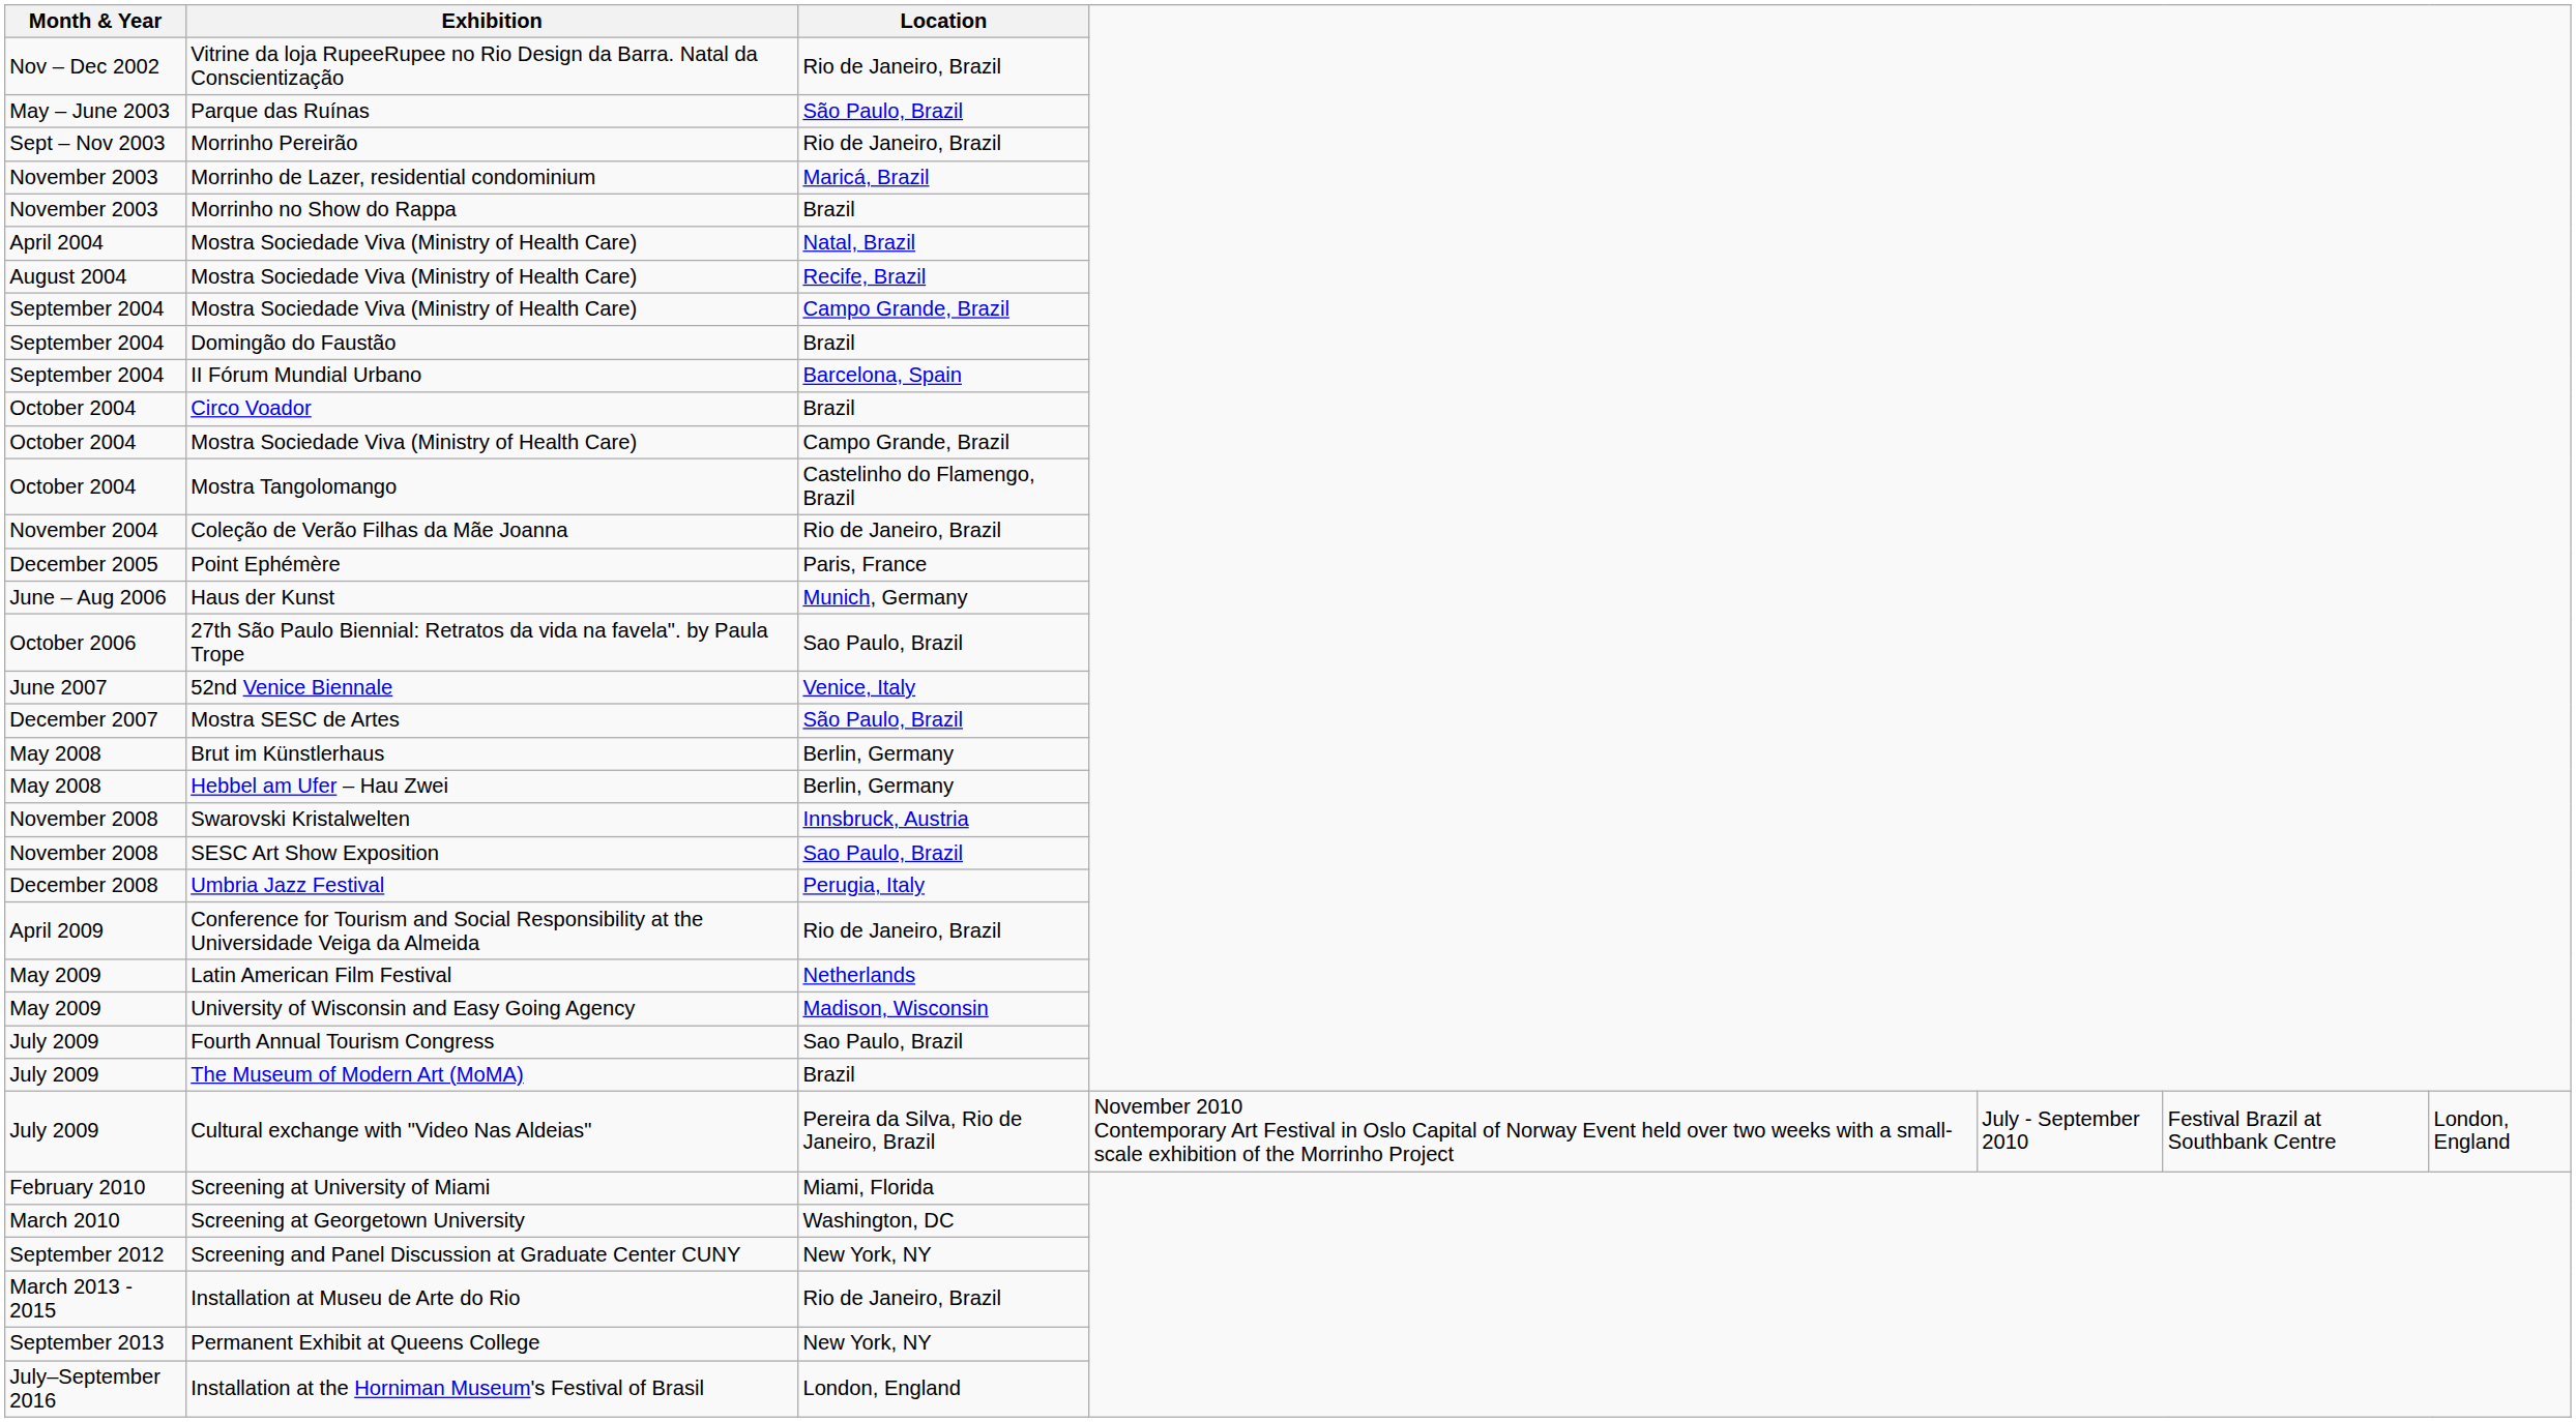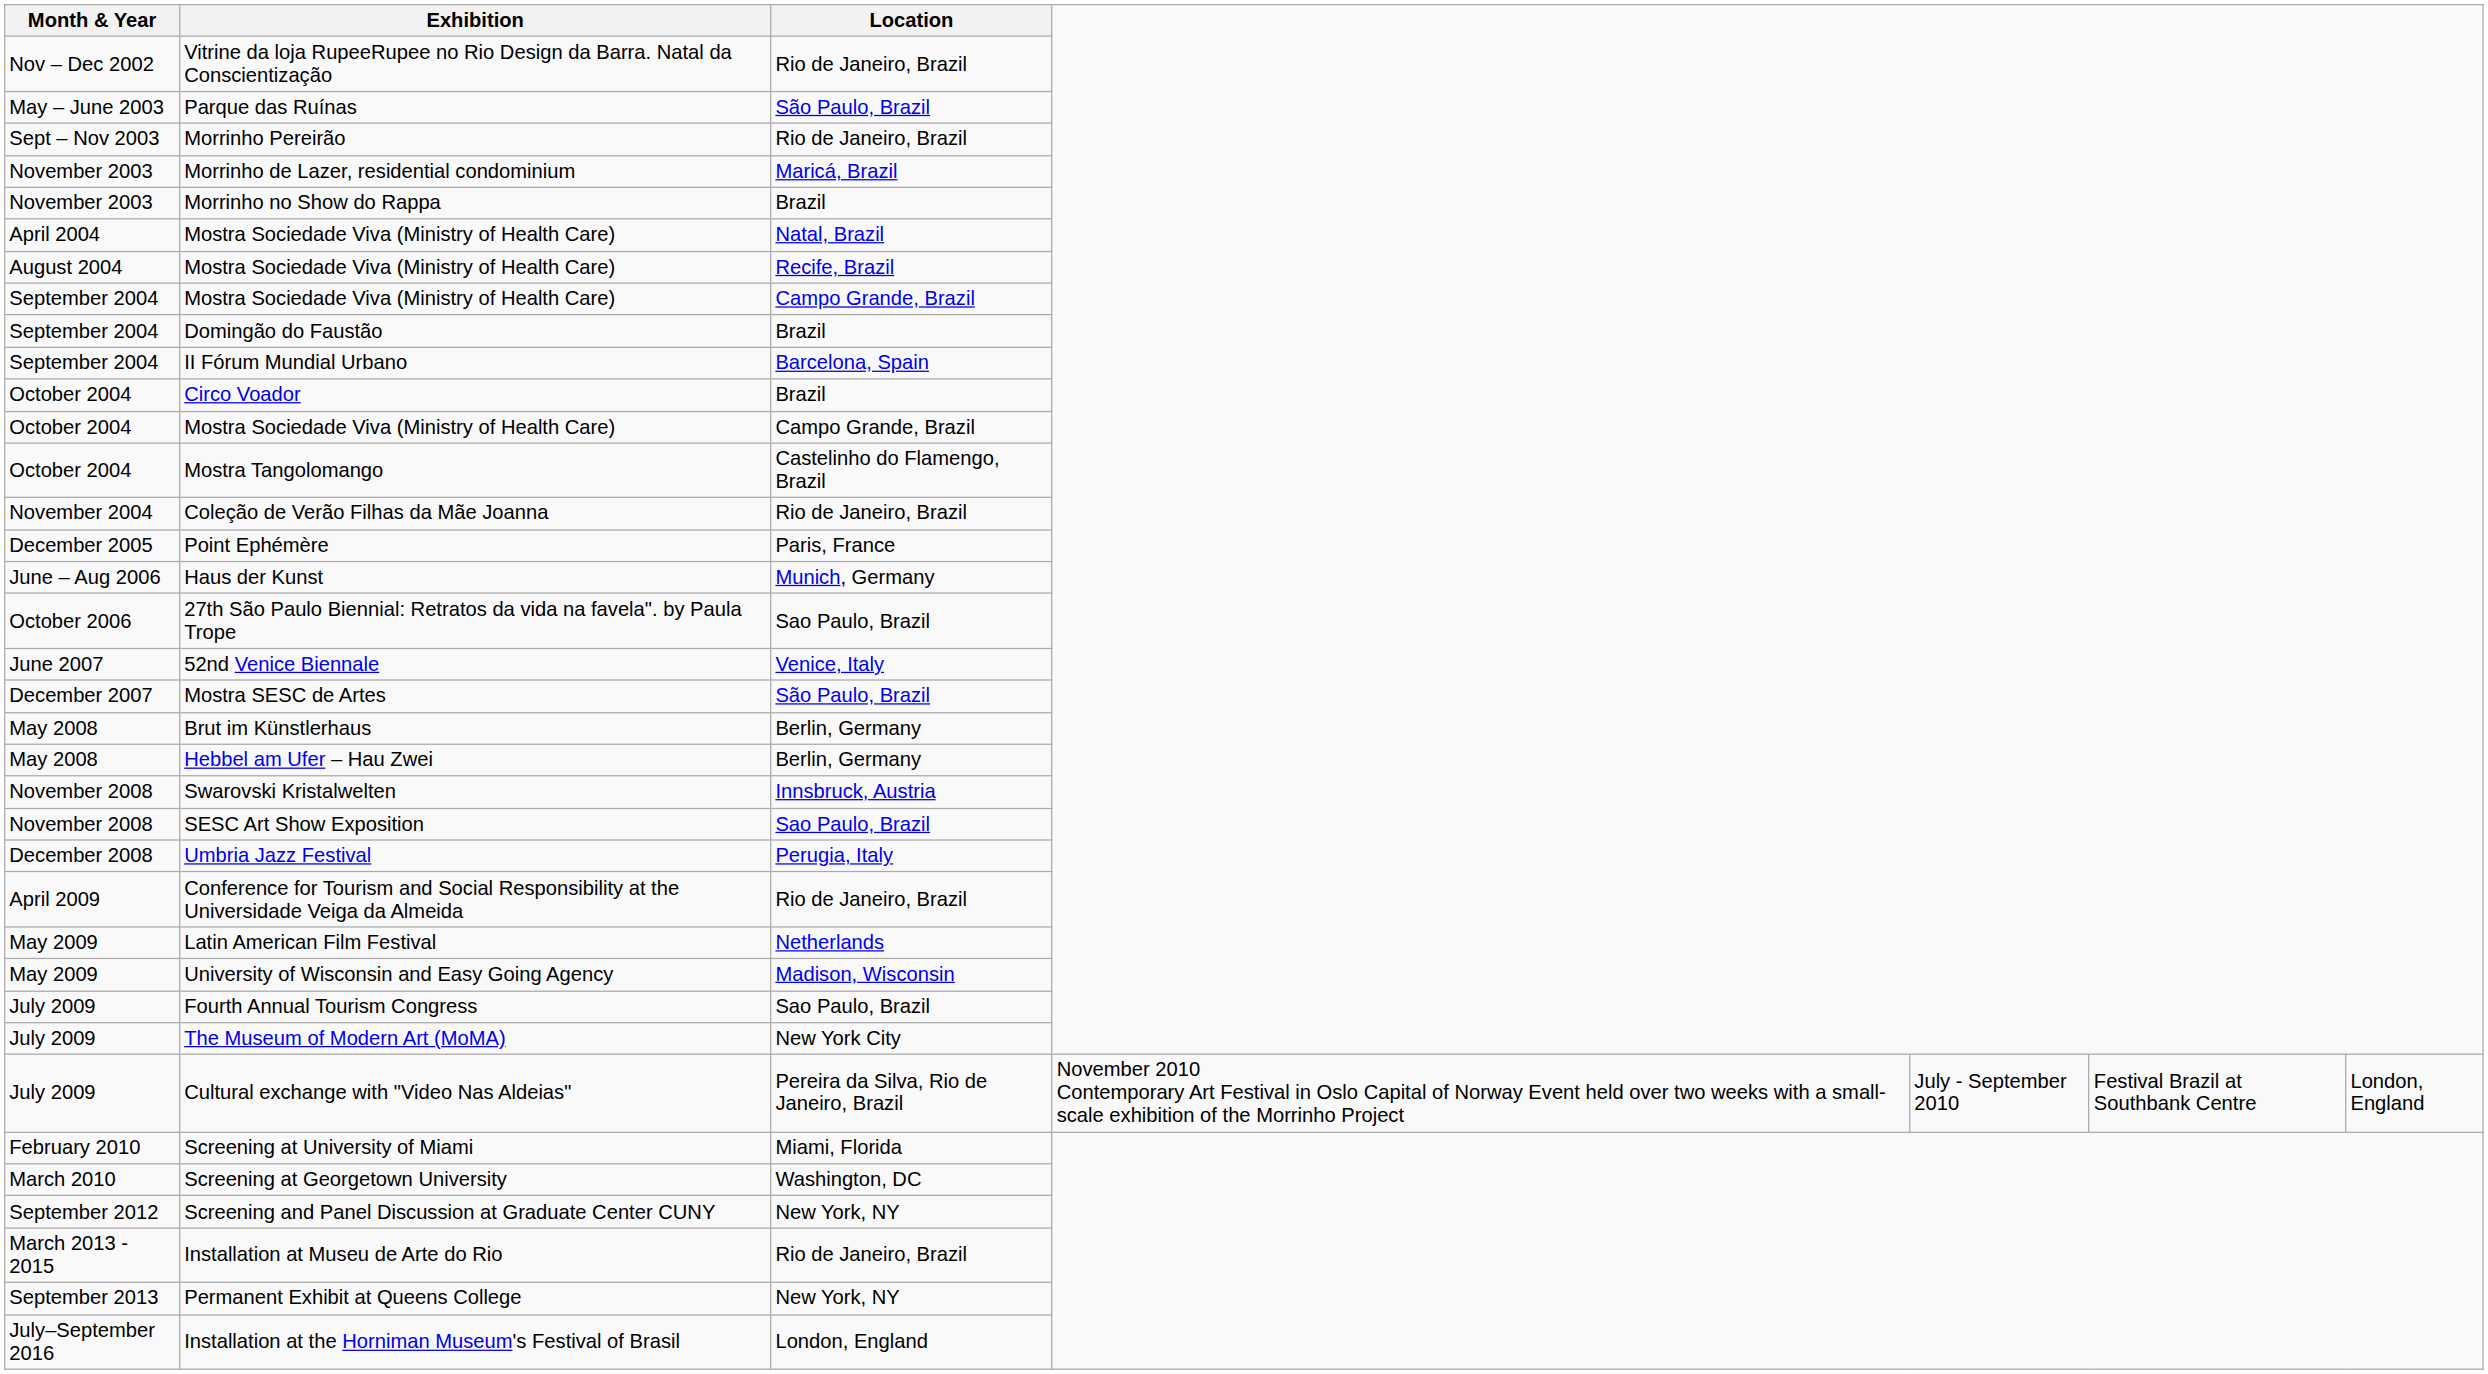 <table class="wikitable">
 <tr>
 <th>Month & Year</th>
 <th>Exhibition</th>
 <th>Location</th>
 </tr>
 <tr>
 <td>Nov – Dec 2002</td>
 <td>Vitrine da loja RupeeRupee no Rio Design da Barra. Natal da Conscientização</td>
 <td>Rio de Janeiro, Brazil</td>
 </tr>
 <tr>
 <td>May – June 2003</td>
 <td>Parque das Ruínas</td>
 <td><a href='#'>São Paulo, Brazil</a></td>
 </tr>
 <tr>
 <td>Sept – Nov 2003</td>
 <td>Morrinho Pereirão</td>
 <td>Rio de Janeiro, Brazil</td>
 </tr>
 <tr>
 <td>November 2003</td>
 <td>Morrinho de Lazer, residential condominium</td>
 <td><a href='#'>Maricá, Brazil</a></td>
 </tr>
 <tr>
 <td>November 2003</td>
 <td>Morrinho no Show do Rappa</td>
 <td>Brazil</td>
 </tr>
 <tr>
 <td>April 2004</td>
 <td>Mostra Sociedade Viva (Ministry of Health Care)</td>
 <td><a href='#'>Natal, Brazil</a></td>
 </tr>
 <tr>
 <td>August 2004</td>
 <td>Mostra Sociedade Viva (Ministry of Health Care)</td>
 <td><a href='#'>Recife, Brazil</a></td>
 </tr>
 <tr>
 <td>September 2004</td>
 <td>Mostra Sociedade Viva (Ministry of Health Care)</td>
 <td><a href='#'>Campo Grande, Brazil</a></td>
 </tr>
 <tr>
 <td>September 2004</td>
 <td>Domingão do Faustão</td>
 <td>Brazil</td>
 </tr>
 <tr>
 <td>September 2004</td>
 <td>II Fórum Mundial Urbano</td>
 <td><a href='#'>Barcelona, Spain</a></td>
 </tr>
 <tr>
 <td>October 2004</td>
 <td><a href='#'>Circo Voador</a></td>
 <td>Brazil</td>
 </tr>
 <tr>
 <td>October 2004</td>
 <td>Mostra Sociedade Viva (Ministry of Health Care)</td>
 <td>Campo Grande, Brazil</td>
 </tr>
 <tr>
 <td>October 2004</td>
 <td>Mostra Tangolomango</td>
 <td>Castelinho do Flamengo, Brazil</td>
 </tr>
 <tr>
 <td>November 2004</td>
 <td>Coleção de Verão Filhas da Mãe Joanna</td>
 <td>Rio de Janeiro, Brazil</td>
 </tr>
 <tr>
 <td>December 2005</td>
 <td>Point Ephémère</td>
 <td>Paris, France</td>
 </tr>
 <tr>
 <td>June – Aug 2006</td>
 <td>Haus der Kunst</td>
 <td><a href='#'>Munich</a>, Germany</td>
 </tr>
 <tr>
 <td>October 2006</td>
 <td>27th São Paulo Biennial: Retratos da vida na favela". by Paula Trope</td>
 <td>Sao Paulo, Brazil</td>
 </tr>
 <tr>
 <td>June 2007</td>
 <td>52nd <a href='#'>Venice Biennale</a></td>
 <td><a href='#'>Venice, Italy</a></td>
 </tr>
 <tr>
 <td>December 2007</td>
 <td>Mostra SESC de Artes</td>
 <td><a href='#'>São Paulo, Brazil</a></td>
 </tr>
 <tr>
 <td>May 2008</td>
 <td>Brut im Künstlerhaus</td>
 <td>Berlin, Germany</td>
 </tr>
 <tr>
 <td>May 2008</td>
 <td><a href='#'>Hebbel am Ufer</a> – Hau Zwei</td>
 <td>Berlin, Germany</td>
 </tr>
 <tr>
 <td>November 2008</td>
 <td>Swarovski Kristalwelten</td>
 <td><a href='#'>Innsbruck, Austria</a></td>
 </tr>
 <tr>
 <td>November 2008</td>
 <td>SESC Art Show Exposition</td>
 <td><a href='#'>Sao Paulo, Brazil</a></td>
 </tr>
 <tr>
 <td>December 2008</td>
 <td><a href='#'>Umbria Jazz Festival</a></td>
 <td><a href='#'>Perugia, Italy</a></td>
 </tr>
 <tr>
 <td>April 2009</td>
 <td>Conference for Tourism and Social Responsibility at the Universidade Veiga da Almeida</td>
 <td>Rio de Janeiro, Brazil</td>
 </tr>
 <tr>
 <td>May 2009</td>
 <td>Latin American Film Festival</td>
 <td><a href='#'>Netherlands</a></td>
 </tr>
 <tr>
 <td>May 2009</td>
 <td>University of Wisconsin and Easy Going Agency</td>
 <td><a href='#'>Madison, Wisconsin</a></td>
 </tr>
 <tr>
 <td>July 2009</td>
 <td>Fourth Annual Tourism Congress</td>
 <td>Sao Paulo, Brazil</td>
 </tr>
 <tr>
 <td>July 2009</td>
 <td><a href='#'>The Museum of Modern Art (MoMA)</a></td>
-<td>Brazil</td>
+<td>New York City</td>
 </tr>
 <tr>
 <td>July 2009</td>
 <td>Cultural exchange with "Video Nas Aldeias"</td>
 <td>Pereira da Silva, Rio de Janeiro, Brazil</td>
 <td>November 2010<br>Contemporary Art Festival in Oslo Capital of Norway Event held over two weeks with a small-scale exhibition of the Morrinho Project</td>
 <td>July - September 2010</td>
 <td>Festival Brazil at Southbank Centre</td>
 <td>London, England</td>
 </tr>
 <tr>
 <td>February 2010</td>
 <td>Screening at University of Miami</td>
 <td>Miami, Florida</td>
 </tr>
 <tr>
 <td>March 2010</td>
 <td>Screening at Georgetown University</td>
 <td>Washington, DC</td>
 </tr>
 <tr>
 <td>September 2012</td>
 <td>Screening and Panel Discussion at Graduate Center CUNY</td>
 <td>New York, NY</td>
 </tr>
 <tr>
 <td>March 2013 - 2015</td>
 <td>Installation at Museu de Arte do Rio</td>
 <td>Rio de Janeiro, Brazil</td>
 </tr>
 <tr>
 <td>September 2013</td>
 <td>Permanent Exhibit at Queens College</td>
 <td>New York, NY</td>
 </tr>
 <tr>
 <td>July–September 2016</td>
 <td>Installation at the <a href='#'>Horniman Museum</a>'s Festival of Brasil</td>
 <td>London, England</td>
 </tr>
 </table>
